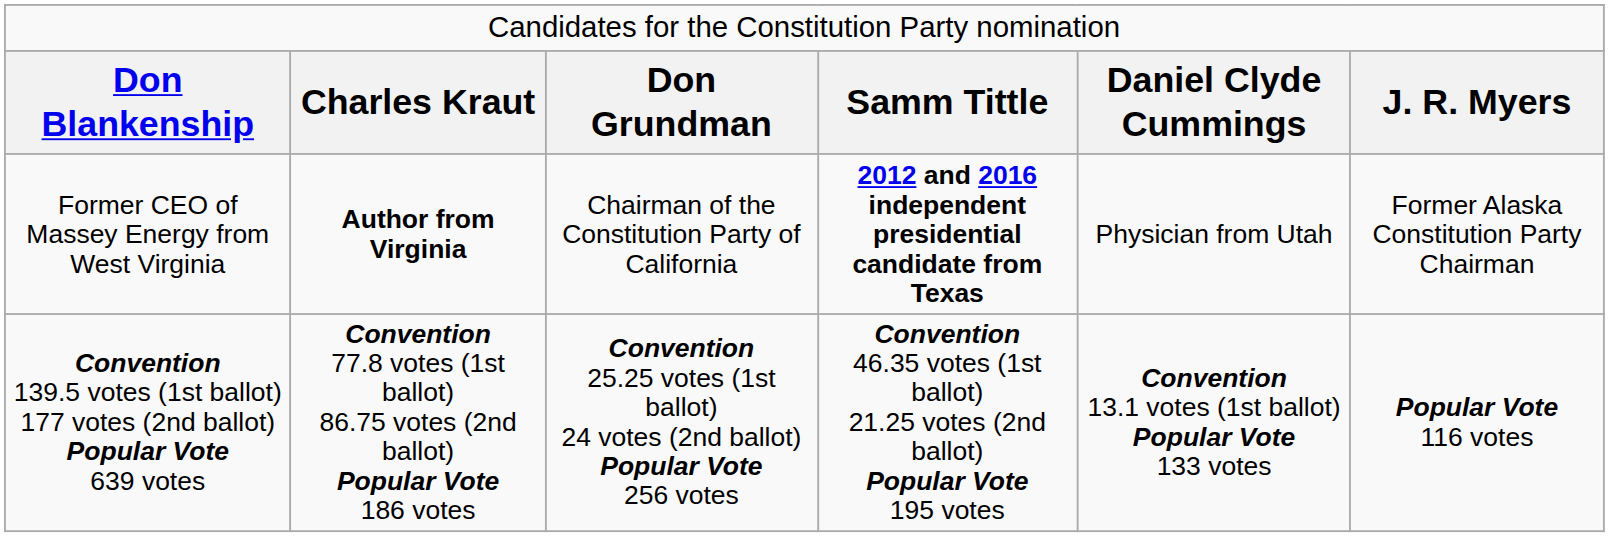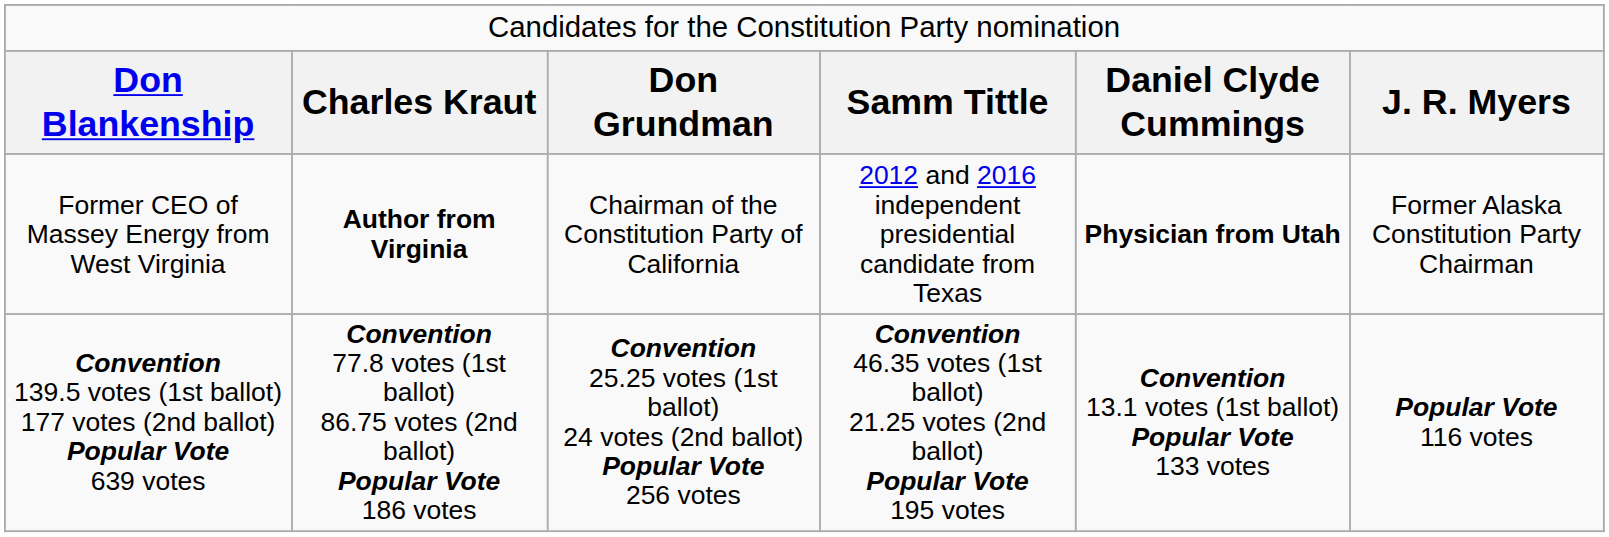 <table class="wikitable mw-collapsible mw-collapsed" style="font-size:90%; text-align:center">
 <tr>
 <td colspan=6 style="font-size:111%; text-align:center">Candidates for the Constitution Party nomination</td>
 </tr>
 <tr style="font-size:135%; line-height:1.2">
 <th><a href='#'>Don Blankenship</a></th>
 <th>Charles Kraut</th>
 <th>Don Grundman</th>
 <th>Samm Tittle</th>
 <th>Daniel Clyde Cummings</th>
 <th>J. R. Myers</th>
 </tr>
 <tr>
 <td style=width:12em>Former CEO of Massey Energy from West Virginia</td>
 <td style=width:12em><strong>Author from Virginia</strong></td>
 <td style=width:12em>Chairman of the Constitution Party of California</td>
-<td style=width:12em><strong><a href='#'>2012</a> and <a href='#'>2016</a> independent presidential candidate from Texas</strong></td>
-<td style=width:12em>Physician from Utah</td>
+<td style=width:12em><a href='#'>2012</a> and <a href='#'>2016</a> independent presidential candidate from Texas</td>
+<td style=width:12em><strong>Physician from Utah</strong></td>
 <td style=width:12em>Former Alaska Constitution Party Chairman</td>
 </tr>
 <tr>
 <td><strong><em>Convention</em></strong><br>139.5 votes (1st ballot)<br>177 votes (2nd ballot)<br><strong><em>Popular Vote</em></strong><br>639 votes</td>
 <td><strong><em>Convention</em></strong><br>77.8 votes (1st ballot)<br>86.75 votes (2nd ballot)<br><strong><em>Popular Vote</em></strong><br>186 votes</td>
 <td><strong><em>Convention</em></strong><br>25.25 votes (1st ballot)<br>24 votes (2nd ballot)<br><strong><em>Popular Vote</em></strong><br>256 votes</td>
 <td><strong><em>Convention</em></strong><br>46.35 votes (1st ballot)<br>21.25 votes (2nd ballot)<br><strong><em>Popular Vote</em></strong><br>195 votes</td>
 <td><strong><em>Convention</em></strong><br>13.1 votes (1st ballot)<br><strong><em>Popular Vote</em></strong><br>133 votes</td>
 <td><strong><em>Popular Vote</em></strong><br>116 votes</td>
 </tr>
 </table>
